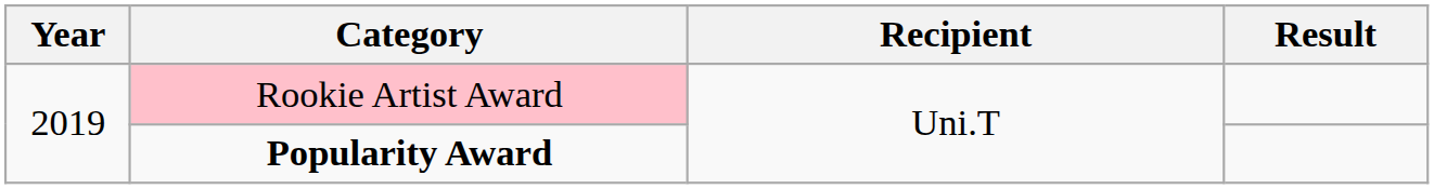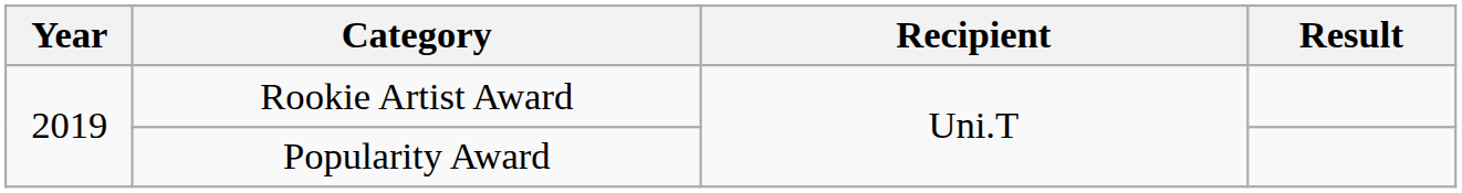 <table class="wikitable" style="text-align:center">
 <tr>
 <th style="width:50px;">Year</th>
 <th style="width:275px;">Category</th>
 <th style="width:265px;">Recipient</th>
 <th style="width:90px;">Result</th>
 </tr>
 <tr>
 <td rowspan=2>2019</td>
-<td style="background: pink;">Rookie Artist Award</td>
+<td>Rookie Artist Award</td>
 <td rowspan=2>Uni.T</td>
 <td></td>
 </tr>
 <tr>
-<td><strong>Popularity Award</strong></td>
+<td>Popularity Award</td>
 <td></td>
 </tr>
 </table>
